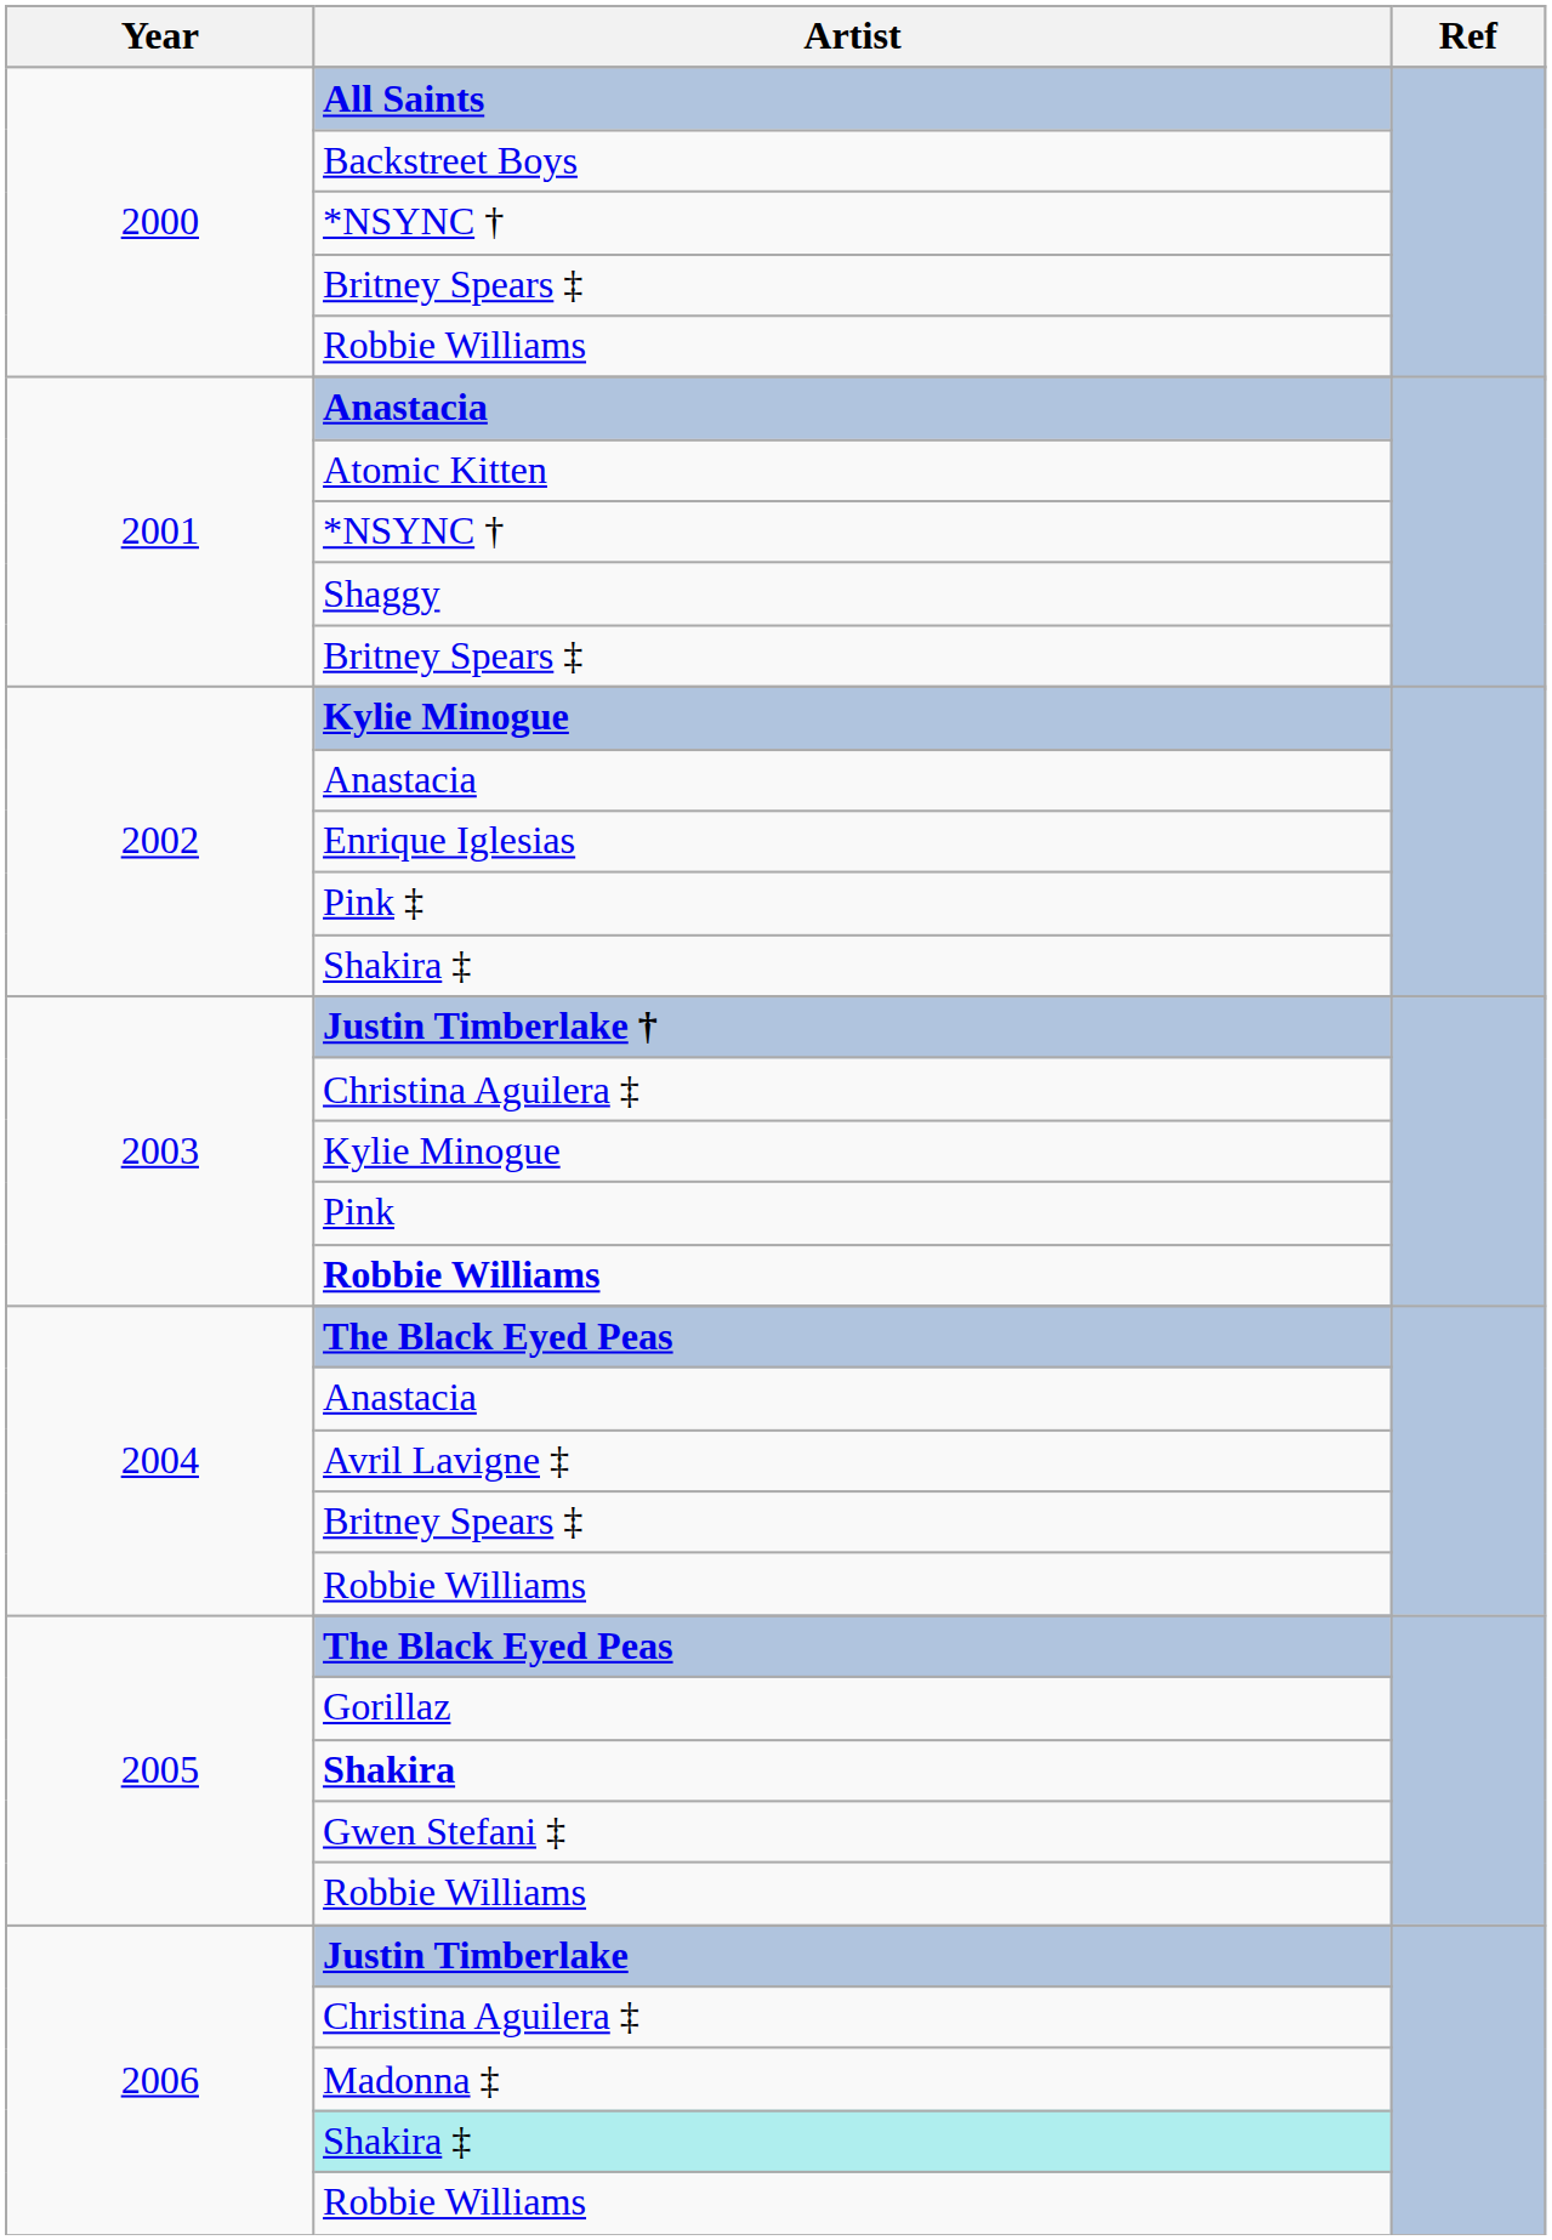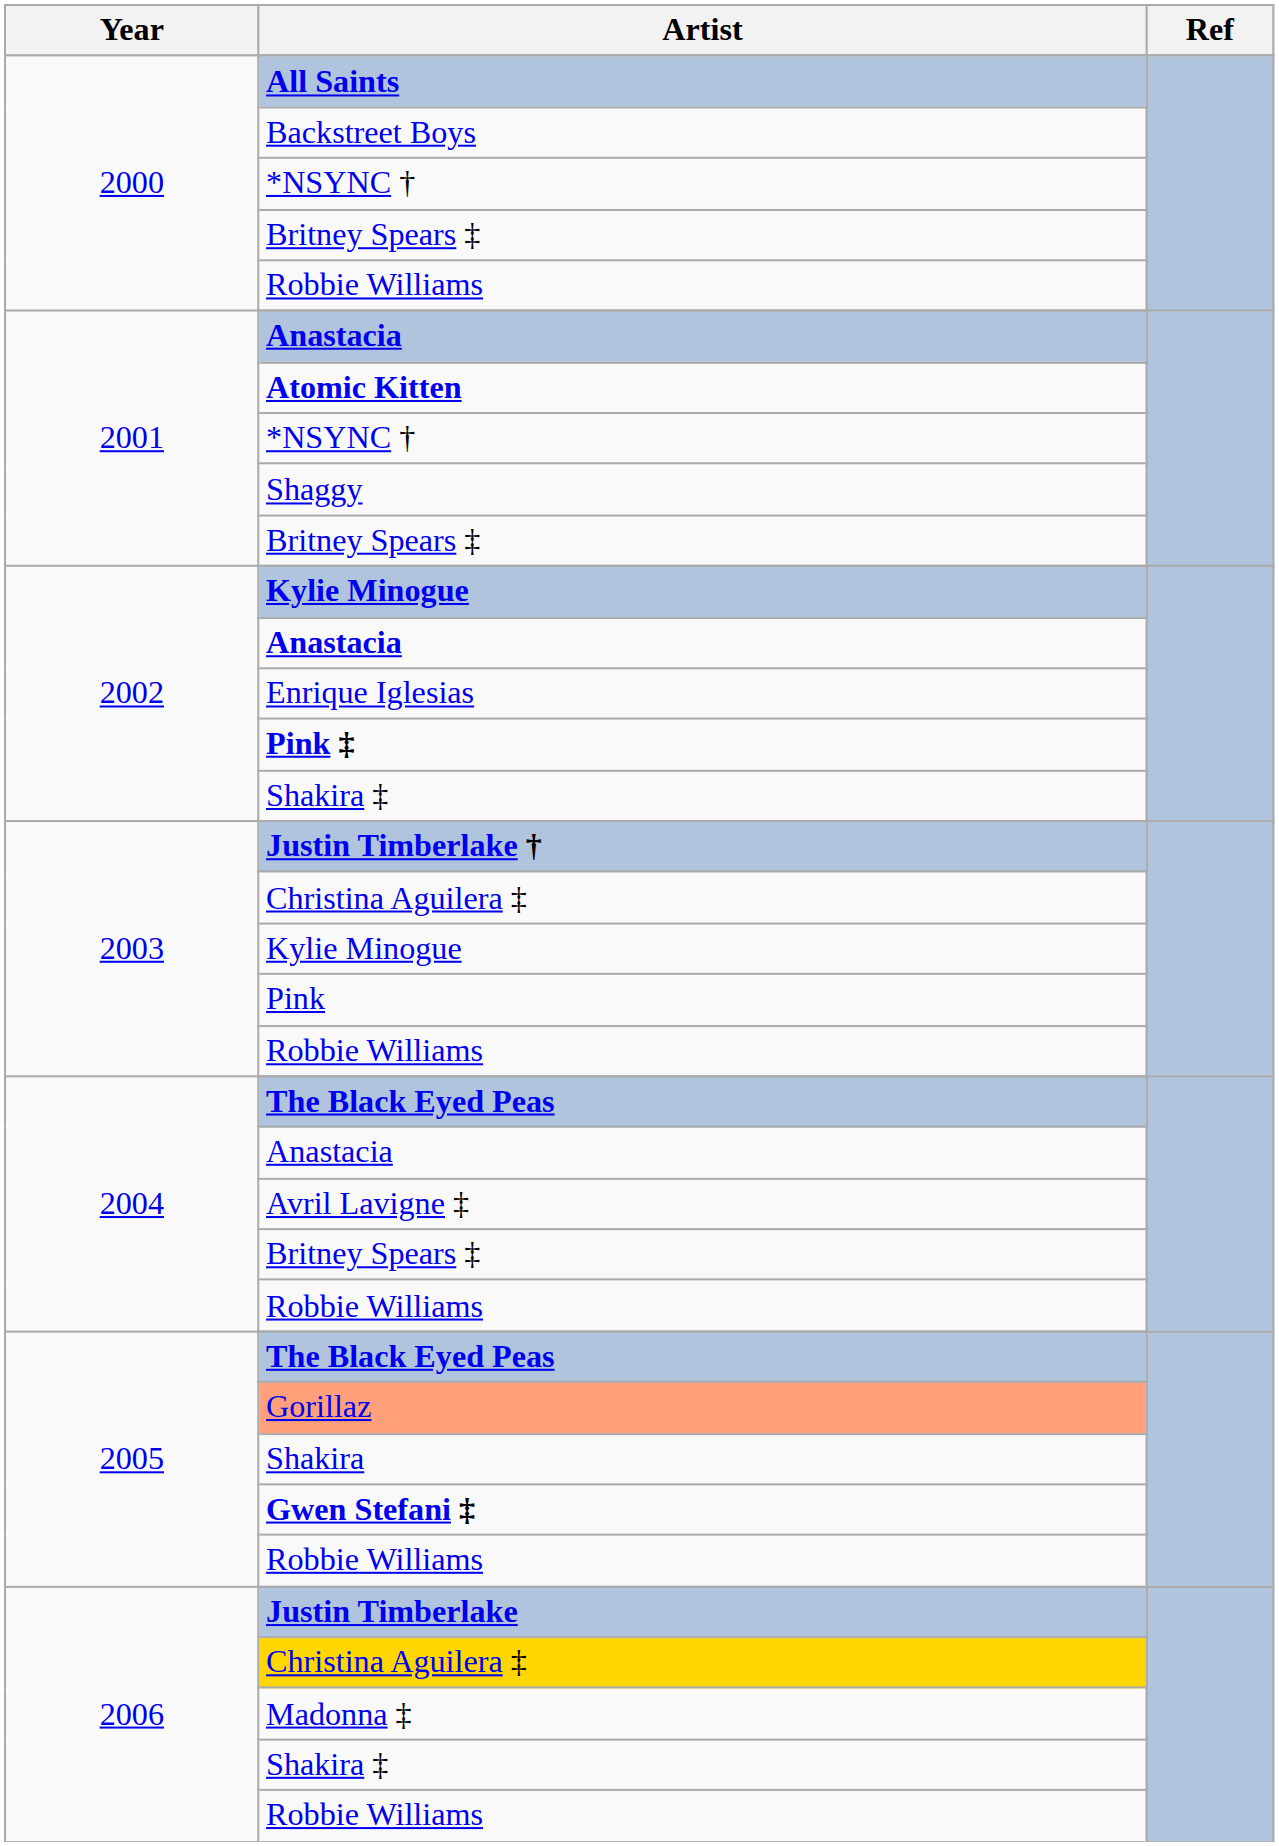 <table class="wikitable" style="width:50%;">
 <tr style="background:#bebebe;">
 <th style="width:10%;">Year</th>
 <th style="width:35%;">Artist</th>
 <th style="width:5%;">Ref</th>
 </tr>
 <tr>
 <td rowspan="6" align="center"><a href='#'>2000</a></td>
 </tr>
 <tr style="background:#B0C4DE">
 <td><strong><a href='#'>All Saints</a></strong></td>
 <td rowspan="6" align="center"></td>
 </tr>
 <tr>
 <td><a href='#'>Backstreet Boys</a></td>
 </tr>
 <tr>
 <td><a href='#'>*NSYNC</a> †</td>
 </tr>
 <tr>
 <td><a href='#'>Britney Spears</a> ‡</td>
 </tr>
 <tr>
 <td><a href='#'>Robbie Williams</a></td>
 </tr>
 <tr>
 <td rowspan="6" align="center"><a href='#'>2001</a></td>
 </tr>
 <tr style="background:#B0C4DE">
 <td><strong><a href='#'>Anastacia</a></strong></td>
 <td rowspan="6" align="center"></td>
 </tr>
 <tr>
-<td><a href='#'>Atomic Kitten</a></td>
+<td><strong><a href='#'>Atomic Kitten</a></strong></td>
 </tr>
 <tr>
 <td><a href='#'>*NSYNC</a> †</td>
 </tr>
 <tr>
 <td><a href='#'>Shaggy</a></td>
 </tr>
 <tr>
 <td><a href='#'>Britney Spears</a> ‡</td>
 </tr>
 <tr>
 <td rowspan="6" align="center"><a href='#'>2002</a></td>
 </tr>
 <tr style="background:#B0C4DE">
 <td><strong><a href='#'>Kylie Minogue</a></strong></td>
 <td rowspan="6" align="center"></td>
 </tr>
 <tr>
-<td><a href='#'>Anastacia</a></td>
+<td><strong><a href='#'>Anastacia</a></strong></td>
 </tr>
 <tr>
 <td><a href='#'>Enrique Iglesias</a></td>
 </tr>
 <tr>
-<td><a href='#'>Pink</a> ‡</td>
+<td><strong><a href='#'>Pink</a> ‡</strong></td>
 </tr>
 <tr>
 <td><a href='#'>Shakira</a> ‡</td>
 </tr>
 <tr>
 <td rowspan="6" align="center"><a href='#'>2003</a></td>
 </tr>
 <tr style="background:#B0C4DE">
 <td><strong><a href='#'>Justin Timberlake</a> †</strong></td>
 <td rowspan="6" align="center"></td>
 </tr>
 <tr>
 <td><a href='#'>Christina Aguilera</a> ‡</td>
 </tr>
 <tr>
 <td><a href='#'>Kylie Minogue</a></td>
 </tr>
 <tr>
 <td><a href='#'>Pink</a></td>
 </tr>
 <tr>
-<td><strong><a href='#'>Robbie Williams</a></strong></td>
+<td><a href='#'>Robbie Williams</a></td>
 </tr>
 <tr>
 <td rowspan="6" align="center"><a href='#'>2004</a></td>
 </tr>
 <tr style="background:#B0C4DE">
 <td><strong><a href='#'>The Black Eyed Peas</a></strong></td>
 <td rowspan="6" align="center"></td>
 </tr>
 <tr>
 <td><a href='#'>Anastacia</a></td>
 </tr>
 <tr>
 <td><a href='#'>Avril Lavigne</a> ‡</td>
 </tr>
 <tr>
 <td><a href='#'>Britney Spears</a> ‡</td>
 </tr>
 <tr>
 <td><a href='#'>Robbie Williams</a></td>
 </tr>
 <tr>
 <td rowspan="6" align="center"><a href='#'>2005</a></td>
 </tr>
 <tr style="background:#B0C4DE">
 <td><strong><a href='#'>The Black Eyed Peas</a></strong></td>
 <td rowspan="6" align="center"></td>
 </tr>
 <tr>
-<td><a href='#'>Gorillaz</a></td>
+<td style="background: lightsalmon;"><a href='#'>Gorillaz</a></td>
 </tr>
 <tr>
-<td><strong><a href='#'>Shakira</a></strong></td>
+<td><a href='#'>Shakira</a></td>
 </tr>
 <tr>
-<td><a href='#'>Gwen Stefani</a> ‡</td>
+<td><strong><a href='#'>Gwen Stefani</a> ‡</strong></td>
 </tr>
 <tr>
 <td><a href='#'>Robbie Williams</a></td>
 </tr>
 <tr>
 <td rowspan="6" align="center"><a href='#'>2006</a></td>
 </tr>
 <tr style="background:#B0C4DE">
 <td><strong><a href='#'>Justin Timberlake</a></strong></td>
 <td rowspan="5" align="center"></td>
 </tr>
 <tr>
-<td><a href='#'>Christina Aguilera</a> ‡</td>
+<td style="background: gold;"><a href='#'>Christina Aguilera</a> ‡</td>
 </tr>
 <tr>
 <td><a href='#'>Madonna</a> ‡</td>
 </tr>
 <tr>
-<td style="background: paleturquoise;"><a href='#'>Shakira</a> ‡</td>
+<td><a href='#'>Shakira</a> ‡</td>
 </tr>
 <tr>
 <td><a href='#'>Robbie Williams</a></td>
 </tr>
 </table>
